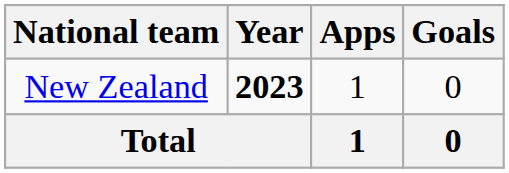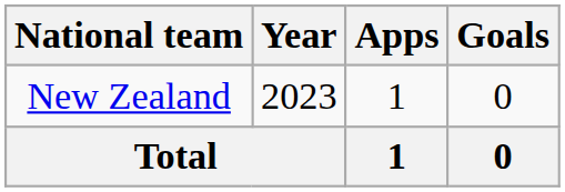 <table class=wikitable style=text-align:center>
 <tr>
 <th>National team</th>
 <th>Year</th>
 <th>Apps</th>
 <th>Goals</th>
 </tr>
 <tr>
 <td rowspan=1><a href='#'>New Zealand</a></td>
-<td><strong>2023</strong></td>
+<td>2023</td>
 <td>1</td>
 <td>0</td>
 </tr>
 <tr>
 <th colspan=2>Total</th>
 <th>1</th>
 <th>0</th>
 </tr>
 </table>
